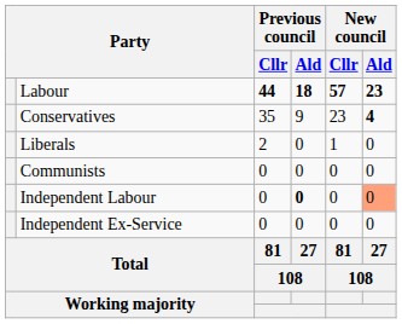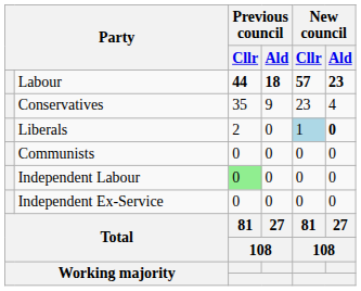 <table class="wikitable">
 <tr>
 <th colspan="2" rowspan="2" style="width: 230px">Party</th>
 <th valign=top colspan="2" style="width: 30px">Previous council</th>
 <th valign=top colspan="2" style="width: 30px">New council</th>
 </tr>
 <tr>
 <th><a href='#'>Cllr</a></th>
 <th><a href='#'>Ald</a></th>
 <th><a href='#'>Cllr</a></th>
 <th><a href='#'>Ald</a></th>
 </tr>
 <tr>
 <th style="background-color: "></th>
 <td>Labour</td>
 <td><strong>44</strong></td>
 <td><strong>18</strong></td>
 <td><strong>57</strong></td>
 <td><strong>23</strong></td>
 </tr>
 <tr>
 <th style="background-color: "></th>
 <td>Conservatives</td>
 <td>35</td>
 <td>9</td>
 <td>23</td>
-<td><strong>4</strong></td>
+<td>4</td>
 </tr>
 <tr>
 <th style="background-color: "></th>
 <td>Liberals</td>
 <td>2</td>
 <td>0</td>
-<td>1</td>
-<td>0</td>
+<td style="background: lightblue;">1</td>
+<td><strong>0</strong></td>
 </tr>
 <tr>
 <th style="background-color: "></th>
 <td>Communists</td>
 <td>0</td>
 <td>0</td>
 <td>0</td>
 <td>0</td>
 </tr>
 <tr>
 <th style="background-color: "></th>
 <td>Independent Labour</td>
+<td style="background: lightgreen;">0</td>
 <td>0</td>
-<td><strong>0</strong></td>
 <td>0</td>
-<td style="background: lightsalmon;">0</td>
+<td>0</td>
 </tr>
 <tr>
 <th style="background-color: "></th>
 <td>Independent Ex-Service</td>
 <td>0</td>
 <td>0</td>
 <td>0</td>
 <td>0</td>
 </tr>
 <tr>
 <th colspan="2" rowspan="2">Total</th>
 <th style="text-align: center">81</th>
 <th style="text-align: center">27</th>
 <th style="text-align: center">81</th>
 <th style="text-align: center">27</th>
 </tr>
 <tr>
 <th colspan="2" style="text-align: center">108</th>
 <th colspan="2" style="text-align: center">108</th>
 </tr>
 <tr>
 <th colspan="2" rowspan="2">Working majority</th>
 <th></th>
 <th></th>
 <th></th>
 <th></th>
 </tr>
 <tr>
 <th colspan="2"></th>
 <th colspan="2"></th>
 </tr>
 </table>
